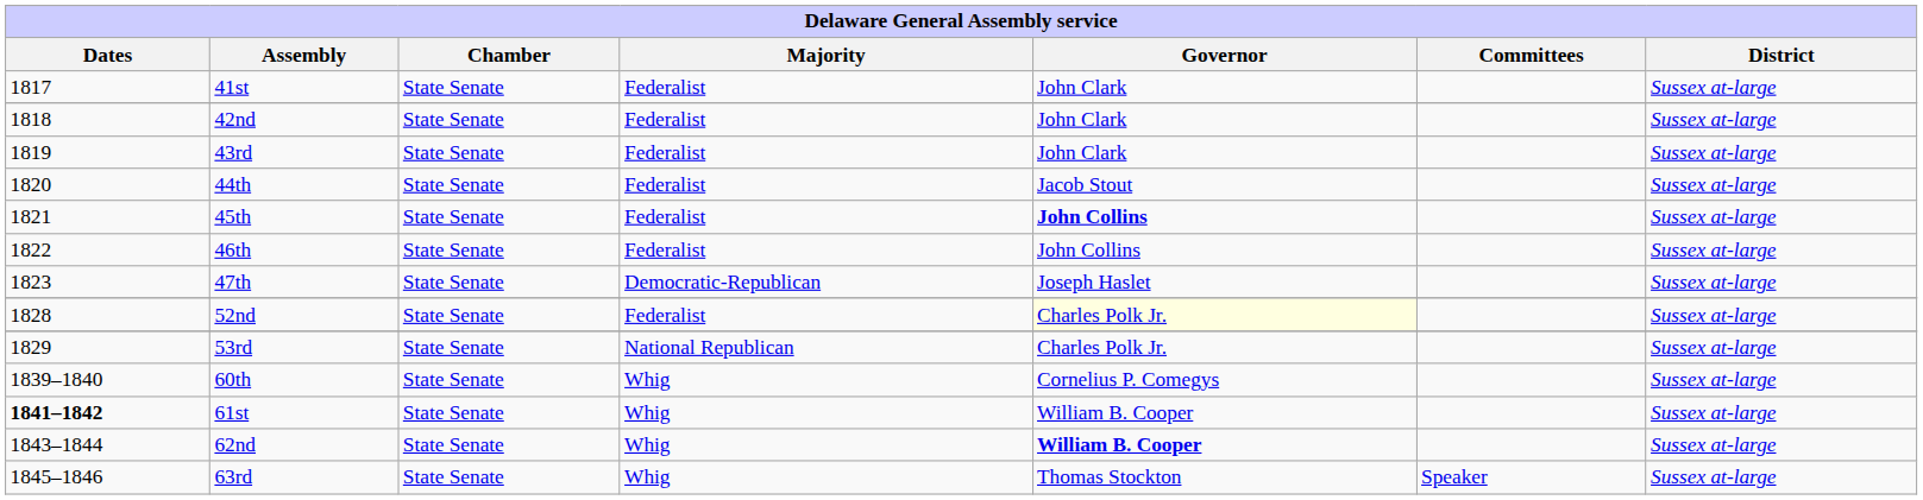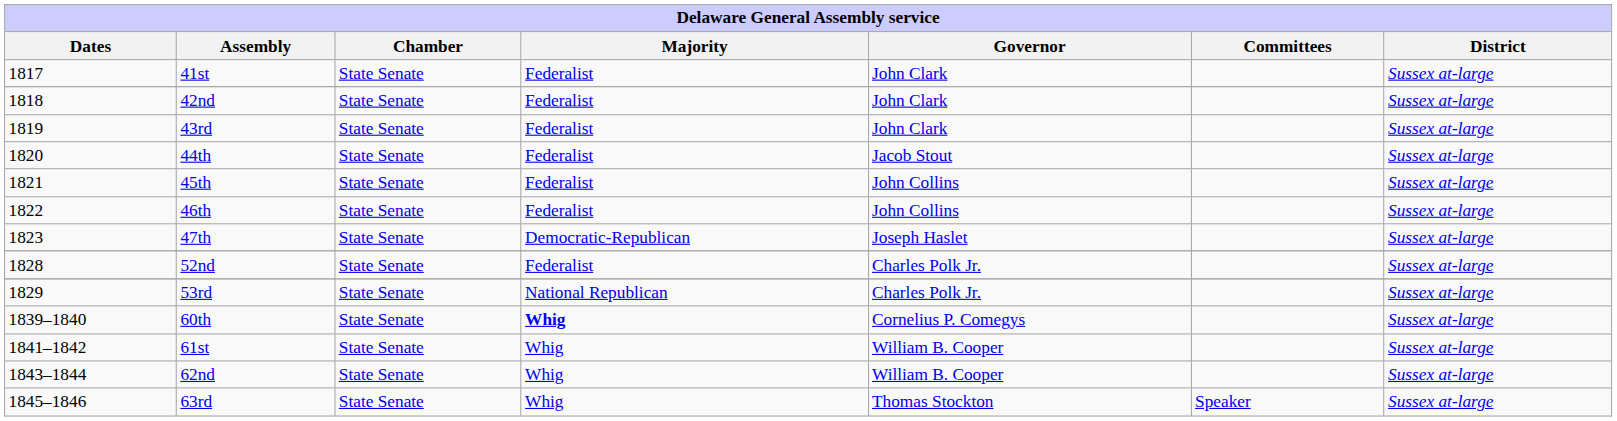 <table class=wikitable style="width: 94%" style="text-align: center;" align="center">
 <tr bgcolor=#cccccc>
 <th colspan=7 style="background: #ccccff;">Delaware General Assembly service</th>
 </tr>
 <tr>
 <th><strong>Dates</strong></th>
 <th><strong>Assembly</strong></th>
 <th><strong>Chamber</strong></th>
 <th><strong>Majority</strong></th>
 <th><strong>Governor</strong></th>
 <th><strong>Committees</strong></th>
 <th><strong>District</strong></th>
 </tr>
 <tr>
 <td>1817</td>
 <td><a href='#'>41st</a></td>
 <td><a href='#'>State Senate</a></td>
 <td><a href='#'>Federalist</a></td>
 <td><a href='#'>John Clark</a></td>
 <td></td>
 <td><a href='#'><em>Sussex at-large</em></a></td>
 </tr>
 <tr>
 </tr>
 <tr>
 <td>1818</td>
 <td><a href='#'>42nd</a></td>
 <td><a href='#'>State Senate</a></td>
 <td><a href='#'>Federalist</a></td>
 <td><a href='#'>John Clark</a></td>
 <td></td>
 <td><a href='#'><em>Sussex at-large</em></a></td>
 </tr>
 <tr>
 <td>1819</td>
 <td><a href='#'>43rd</a></td>
 <td><a href='#'>State Senate</a></td>
 <td><a href='#'>Federalist</a></td>
 <td><a href='#'>John Clark</a></td>
 <td></td>
 <td><a href='#'><em>Sussex at-large</em></a></td>
 </tr>
 <tr>
 <td>1820</td>
 <td><a href='#'>44th</a></td>
 <td><a href='#'>State Senate</a></td>
 <td><a href='#'>Federalist</a></td>
 <td><a href='#'>Jacob Stout</a></td>
 <td></td>
 <td><a href='#'><em>Sussex at-large</em></a></td>
 </tr>
 <tr>
 <td>1821</td>
 <td><a href='#'>45th</a></td>
 <td><a href='#'>State Senate</a></td>
 <td><a href='#'>Federalist</a></td>
-<td><strong><a href='#'>John Collins</a></strong></td>
+<td><a href='#'>John Collins</a></td>
 <td></td>
 <td><a href='#'><em>Sussex at-large</em></a></td>
 </tr>
 <tr>
 <td>1822</td>
 <td><a href='#'>46th</a></td>
 <td><a href='#'>State Senate</a></td>
 <td><a href='#'>Federalist</a></td>
 <td><a href='#'>John Collins</a></td>
 <td></td>
 <td><a href='#'><em>Sussex at-large</em></a></td>
 </tr>
 <tr>
 <td>1823</td>
 <td><a href='#'>47th</a></td>
 <td><a href='#'>State Senate</a></td>
 <td><a href='#'>Democratic-Republican</a></td>
 <td><a href='#'>Joseph Haslet</a></td>
 <td></td>
 <td><a href='#'><em>Sussex at-large</em></a></td>
 </tr>
 <tr>
 </tr>
 <tr>
 <td>1828</td>
 <td><a href='#'>52nd</a></td>
 <td><a href='#'>State Senate</a></td>
 <td><a href='#'>Federalist</a></td>
-<td style="background: lightyellow;"><a href='#'>Charles Polk Jr.</a></td>
+<td><a href='#'>Charles Polk Jr.</a></td>
 <td></td>
 <td><a href='#'><em>Sussex at-large</em></a></td>
 </tr>
 <tr>
 </tr>
 <tr>
 <td>1829</td>
 <td><a href='#'>53rd</a></td>
 <td><a href='#'>State Senate</a></td>
 <td><a href='#'>National Republican</a></td>
 <td><a href='#'>Charles Polk Jr.</a></td>
 <td></td>
 <td><a href='#'><em>Sussex at-large</em></a></td>
 </tr>
 <tr>
 <td>1839–1840</td>
 <td><a href='#'>60th</a></td>
 <td><a href='#'>State Senate</a></td>
-<td><a href='#'>Whig</a></td>
+<td><strong><a href='#'>Whig</a></strong></td>
 <td><a href='#'>Cornelius P. Comegys</a></td>
 <td></td>
 <td><a href='#'><em>Sussex at-large</em></a></td>
 </tr>
 <tr>
-<td><strong>1841–1842</strong></td>
+<td>1841–1842</td>
 <td><a href='#'>61st</a></td>
 <td><a href='#'>State Senate</a></td>
 <td><a href='#'>Whig</a></td>
 <td><a href='#'>William B. Cooper</a></td>
 <td></td>
 <td><a href='#'><em>Sussex at-large</em></a></td>
 </tr>
 <tr>
 <td>1843–1844</td>
 <td><a href='#'>62nd</a></td>
 <td><a href='#'>State Senate</a></td>
 <td><a href='#'>Whig</a></td>
-<td><strong><a href='#'>William B. Cooper</a></strong></td>
+<td><a href='#'>William B. Cooper</a></td>
 <td></td>
 <td><a href='#'><em>Sussex at-large</em></a></td>
 </tr>
 <tr>
 <td>1845–1846</td>
 <td><a href='#'>63rd</a></td>
 <td><a href='#'>State Senate</a></td>
 <td><a href='#'>Whig</a></td>
 <td><a href='#'>Thomas Stockton</a></td>
 <td><a href='#'>Speaker</a></td>
 <td><a href='#'><em>Sussex at-large</em></a></td>
 </tr>
 </table>
